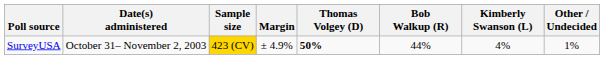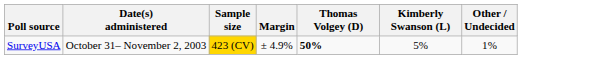 <table class="wikitable" style="font-size:90%">
 <tr valign=bottom>
 <th>Poll source</th>
 <th>Date(s)<br>administered</th>
 <th>Sample<br>size</th>
 <th>Margin<br></th>
 <th style="width:100px;">Thomas<br>Volgey (D)</th>
-<th style="width:100px;">Bob<br>Walkup (R)</th>
 <th style="width:100px;">Kimberly<br>Swanson (L)</th>
 <th>Other /<br>Undecided</th>
 </tr>
 <tr>
 <td><a href='#'>SurveyUSA</a></td>
 <td align=center>October 31– November 2, 2003</td>
 <td align=center style="background: gold;">423 (CV)</td>
 <td align=center>± 4.9%</td>
 <td><strong>50%</strong></td>
-<td align=center>44%</td>
-<td align=center>4%</td>
+<td align=center>5%</td>
 <td align=center>1%</td>
 </tr>
 </table>
